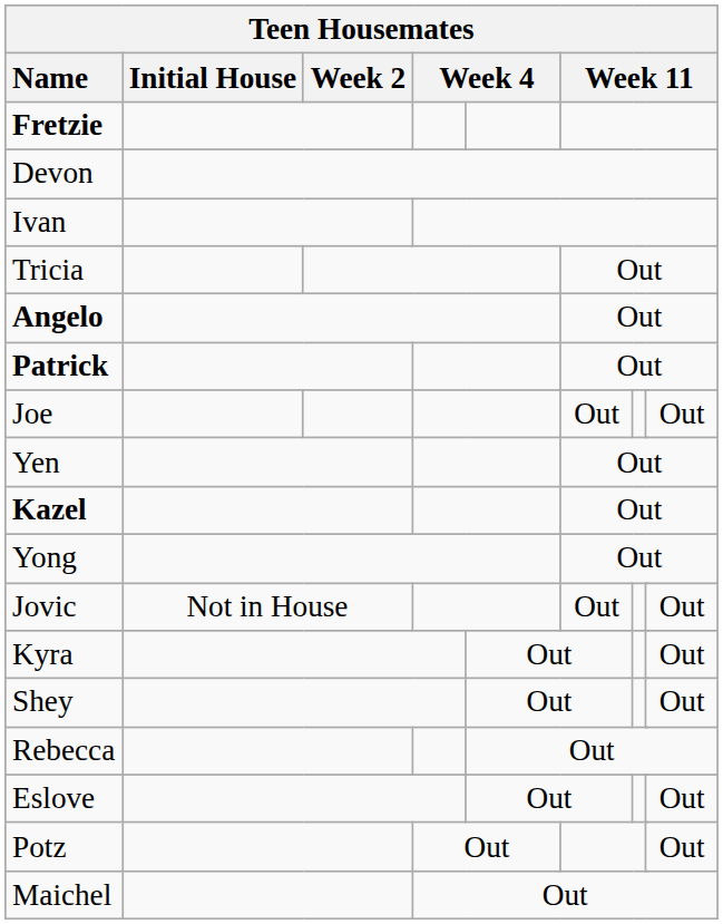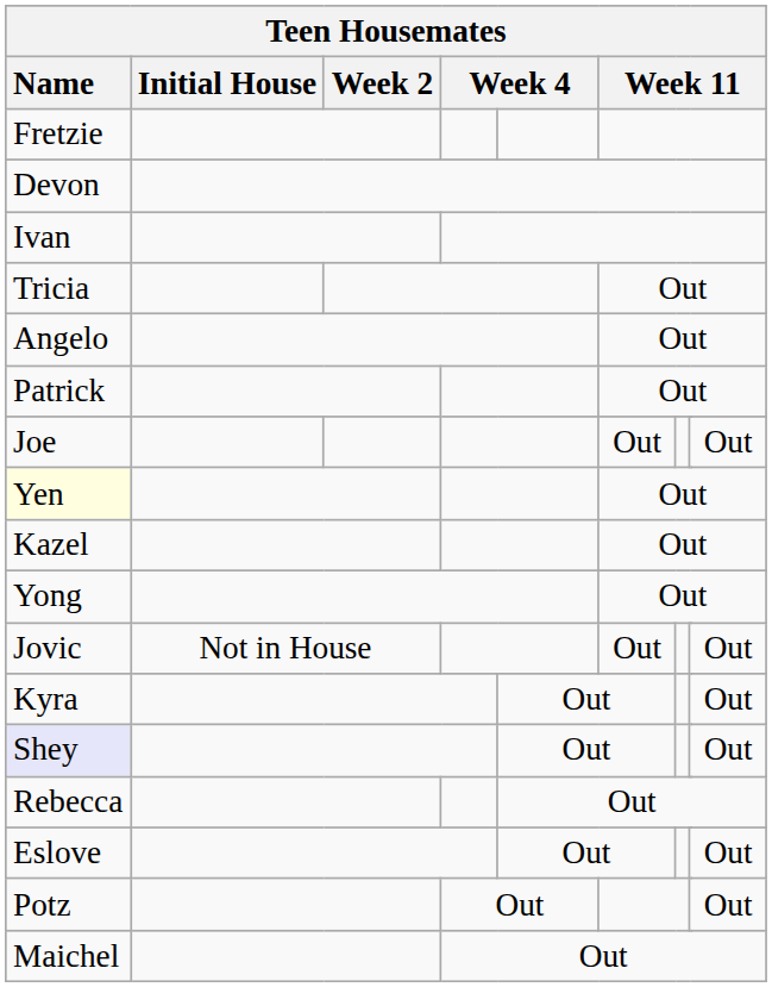 <table class="wikitable">
 <tr>
 <th colspan=9 class="unsortable">Teen Housemates</th>
 </tr>
 <tr>
 <th style="text-align:left">Name</th>
 <th style="text-align:left">Initial House</th>
 <th style="text-align:center">Week 2</th>
 <th style="text-align:center" colspan=2>Week 4</th>
 <th style="text-align:center" colspan=4>Week 11</th>
 </tr>
 <tr>
-<td><strong>Fretzie</strong></td>
+<td>Fretzie</td>
 <td colspan=2 style="text-align:center;"></td>
 <td style="text-align:center; width:7.5%;"></td>
 <td style="text-align:center;"></td>
 <td colspan=4 style="text-align:center;"></td>
 </tr>
 <tr>
 <td>Devon</td>
 <td colspan=8 style="text-align:center;"></td>
 </tr>
 <tr>
 <td>Ivan</td>
 <td colspan=2 style="text-align:center;"></td>
 <td colspan=6 style="text-align:center;"></td>
 </tr>
 <tr>
 <td>Tricia</td>
 <td style="text-align:center;"></td>
 <td colspan=3 style="text-align:center;"></td>
 <td colspan=4 style="text-align:center;">Out</td>
 </tr>
 <tr>
-<td><strong>Angelo</strong></td>
+<td>Angelo</td>
 <td colspan=4 style="text-align:center;"></td>
 <td colspan=4 style="text-align:center;">Out</td>
 </tr>
 <tr>
-<td><strong>Patrick</strong></td>
+<td>Patrick</td>
 <td colspan=2 style="text-align:center;"></td>
 <td colspan=2 style="text-align:center;"></td>
 <td colspan=4 style="text-align:center;">Out</td>
 </tr>
 <tr>
 <td>Joe</td>
 <td style="text-align:center;"></td>
 <td style="text-align:center;"></td>
 <td colspan=2 style="text-align:center;"></td>
 <td style="text-align:center; width:7.5%;">Out</td>
 <td colspan=2 style="text-align:center;"></td>
 <td style="text-align:center; width:7.5%;">Out</td>
 </tr>
 <tr>
-<td>Yen</td>
+<td style="background: lightyellow;">Yen</td>
 <td colspan=2 style="text-align:center;"></td>
 <td colspan=2 style="text-align:center;"></td>
 <td colspan=4 style="text-align:center;">Out</td>
 </tr>
 <tr>
-<td><strong>Kazel</strong></td>
+<td>Kazel</td>
 <td colspan=2 style="text-align:center;"></td>
 <td colspan=2 style="text-align:center;"></td>
 <td colspan=4 style="text-align:center;">Out</td>
 </tr>
 <tr>
 <td>Yong</td>
 <td colspan=4 style="text-align:center;"></td>
 <td colspan=4 style="text-align:center;">Out</td>
 </tr>
 <tr>
 <td>Jovic</td>
 <td colspan=2 style="text-align:center;">Not in House</td>
 <td colspan=2 style="text-align:center;"></td>
 <td style="text-align:center; width:10%">Out</td>
 <td colspan=2 style="text-align:center;"></td>
 <td style="text-align:center; width:10%">Out</td>
 </tr>
 <tr>
 <td>Kyra</td>
 <td colspan=3 style="text-align:center;"></td>
 <td colspan=2 style="text-align:center;">Out</td>
 <td colspan=2 style="text-align:center;"></td>
 <td style="text-align:center;">Out</td>
 </tr>
 <tr>
-<td>Shey</td>
+<td style="background: lavender;">Shey</td>
 <td colspan=3 style="text-align:center;"></td>
 <td colspan=2 style="text-align:center;">Out</td>
 <td colspan=2 style="text-align:center;"></td>
 <td style="text-align:center;">Out</td>
 </tr>
 <tr>
 <td>Rebecca</td>
 <td colspan=2 style="text-align:center;"></td>
 <td style="text-align:center;"></td>
 <td colspan=5 style="text-align:center;">Out</td>
 </tr>
 <tr>
 <td>Eslove</td>
 <td colspan=3 style="text-align:center;"></td>
 <td colspan=2 style="text-align:center;">Out</td>
 <td colspan=2 style="text-align:center;"></td>
 <td style="text-align:center;">Out</td>
 </tr>
 <tr>
 <td>Potz</td>
 <td colspan=2 style="text-align:center;"></td>
 <td colspan=2 style="text-align:center;">Out</td>
 <td colspan=3 style="text-align:center;"></td>
 <td style="text-align:center;">Out</td>
 </tr>
 <tr>
 <td>Maichel</td>
 <td colspan=2 style="text-align:center;"></td>
 <td colspan=6 style="text-align:center;">Out</td>
 </tr>
 </table>
